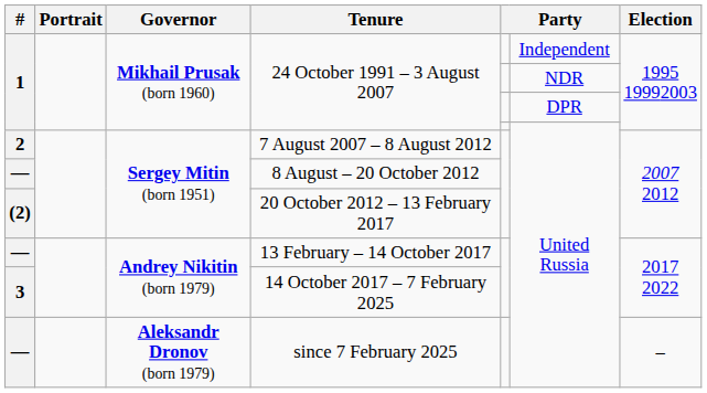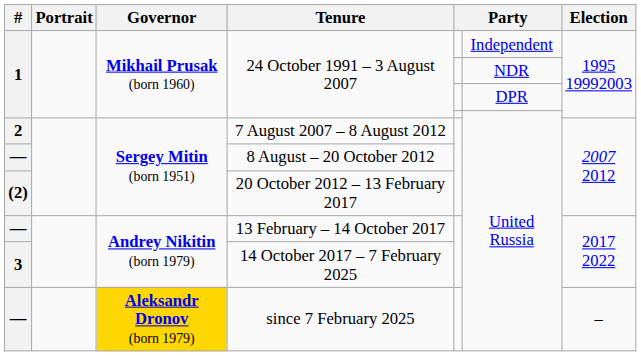 <table class="wikitable" style="text-align:center">
 <tr style="background:#cccccc" bgcolor=#E6E6AA>
 <th>#</th>
 <th>Portrait</th>
 <th>Governor</th>
 <th>Tenure</th>
 <th colspan=2>Party</th>
 <th>Election</th>
 </tr>
 <tr>
 <th rowspan=4>1</th>
 <td rowspan=4></td>
 <td rowspan=4><strong><a href='#'>Mikhail Prusak</a></strong><br><small>(born 1960)</small></td>
 <td rowspan=4>24 October 1991 – 3 August 2007</td>
 <td style="background: "></td>
 <td><a href='#'>Independent</a></td>
 <td rowspan=4><a href='#'>1995</a><br><a href='#'>1999</a><a href='#'>2003</a></td>
 </tr>
 <tr>
 <td style="background: "></td>
 <td><a href='#'>NDR</a></td>
 </tr>
 <tr>
 <td style="background: "></td>
 <td><a href='#'>DPR</a></td>
 </tr>
 <tr>
 <td style="background: "></td>
 <td rowspan="7"><a href='#'>United Russia</a></td>
 </tr>
 <tr>
 <th>2</th>
 <td rowspan=3></td>
 <td rowspan=3><strong><a href='#'>Sergey Mitin</a></strong><br><small>(born 1951)</small></td>
 <td>7 August 2007 – 8 August 2012</td>
 <td rowspan=3; style="background: "></td>
 <td rowspan="3"><em><a href='#'>2007</a></em><br><a href='#'>2012</a></td>
 </tr>
 <tr>
 <th>—</th>
 <td>8 August – 20 October 2012</td>
 </tr>
 <tr>
 <th>(2)</th>
 <td>20 October 2012 – 13 February 2017</td>
 </tr>
 <tr>
 <th>—</th>
 <td rowspan=2></td>
 <td rowspan=2><strong><a href='#'>Andrey Nikitin</a></strong><br><small>(born 1979)</small></td>
 <td>13 February – 14 October 2017</td>
 <td rowspan=2; style="background: "></td>
 <td rowspan="2"><a href='#'>2017</a><br><a href='#'>2022</a></td>
 </tr>
 <tr>
 <th>3</th>
 <td>14 October 2017 – 7 February 2025</td>
 </tr>
 <tr>
 <th>—</th>
 <td></td>
-<td><strong><a href='#'>Aleksandr Dronov</a></strong><br><small>(born 1979)</small></td>
+<td style="background: gold;"><strong><a href='#'>Aleksandr Dronov</a></strong><br><small>(born 1979)</small></td>
 <td>since 7 February 2025</td>
 <td style="background: "></td>
 <td>–</td>
 </tr>
 </table>
